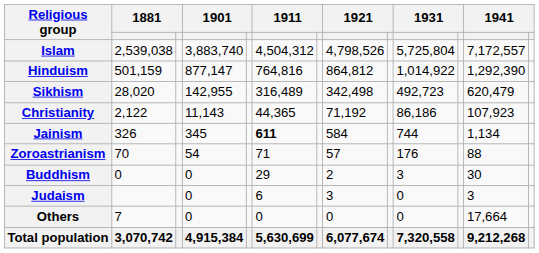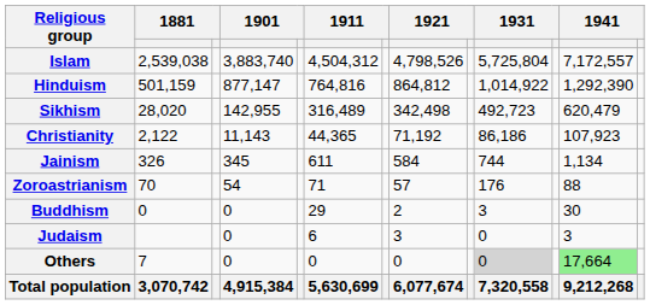 <table class="wikitable collapsible sortable">
 <tr>
 <th rowspan="2"><a href='#'>Religious</a><br>group</th>
 <th colspan="2">1881</th>
 <th colspan="2">1901</th>
 <th colspan="2">1911</th>
 <th colspan="2">1921</th>
 <th colspan="2">1931</th>
 <th colspan="2">1941</th>
 </tr>
 <tr>
 <th><a href='#'></a></th>
 <th></th>
 <th></th>
 <th></th>
 <th></th>
 <th></th>
 <th></th>
 <th></th>
 <th></th>
 <th></th>
 <th></th>
 <th></th>
 </tr>
 <tr>
 <th><a href='#'>Islam</a> </th>
 <td>2,539,038</td>
 <td></td>
 <td>3,883,740</td>
 <td></td>
 <td>4,504,312</td>
 <td></td>
 <td>4,798,526</td>
 <td></td>
 <td>5,725,804</td>
 <td></td>
 <td>7,172,557</td>
 <td></td>
 </tr>
 <tr>
 <th><a href='#'>Hinduism</a> </th>
 <td>501,159</td>
 <td></td>
 <td>877,147</td>
 <td></td>
 <td>764,816</td>
 <td></td>
 <td>864,812</td>
 <td></td>
 <td>1,014,922</td>
 <td></td>
 <td>1,292,390</td>
 <td></td>
 </tr>
 <tr>
 <th><a href='#'>Sikhism</a> </th>
 <td>28,020</td>
 <td></td>
 <td>142,955</td>
 <td></td>
 <td>316,489</td>
 <td></td>
 <td>342,498</td>
 <td></td>
 <td>492,723</td>
 <td></td>
 <td>620,479</td>
 <td></td>
 </tr>
 <tr>
 <th><a href='#'>Christianity</a> </th>
 <td>2,122</td>
 <td></td>
 <td>11,143</td>
 <td></td>
 <td>44,365</td>
 <td></td>
 <td>71,192</td>
 <td></td>
 <td>86,186</td>
 <td></td>
 <td>107,923</td>
 <td></td>
 </tr>
 <tr>
 <th><a href='#'>Jainism</a> </th>
 <td>326</td>
 <td></td>
 <td>345</td>
 <td></td>
-<td><strong>611</strong></td>
+<td>611</td>
 <td></td>
 <td>584</td>
 <td></td>
 <td>744</td>
 <td></td>
 <td>1,134</td>
 <td></td>
 </tr>
 <tr>
 <th><a href='#'>Zoroastrianism</a> </th>
 <td>70</td>
 <td></td>
 <td>54</td>
 <td></td>
 <td>71</td>
 <td></td>
 <td>57</td>
 <td></td>
 <td>176</td>
 <td></td>
 <td>88</td>
 <td></td>
 </tr>
 <tr>
 <th><a href='#'>Buddhism</a> </th>
 <td>0</td>
 <td></td>
 <td>0</td>
 <td></td>
 <td>29</td>
 <td></td>
 <td>2</td>
 <td></td>
 <td>3</td>
 <td></td>
 <td>30</td>
 <td></td>
 </tr>
 <tr>
 <th><a href='#'>Judaism</a> </th>
 <td></td>
 <td></td>
 <td>0</td>
 <td></td>
 <td>6</td>
 <td></td>
 <td>3</td>
 <td></td>
 <td>0</td>
 <td></td>
 <td>3</td>
 <td></td>
 </tr>
 <tr>
 <th>Others</th>
 <td>7</td>
 <td></td>
 <td>0</td>
 <td></td>
 <td>0</td>
 <td></td>
 <td>0</td>
 <td></td>
-<td>0</td>
+<td style="background: lightgrey;">0</td>
 <td></td>
-<td>17,664</td>
+<td style="background: lightgreen;">17,664</td>
 <td></td>
 </tr>
 <tr>
 <th>Total population</th>
 <th>3,070,742</th>
 <th></th>
 <th>4,915,384</th>
 <th></th>
 <th>5,630,699</th>
 <th></th>
 <th>6,077,674</th>
 <th></th>
 <th>7,320,558</th>
 <th></th>
 <th>9,212,268</th>
 <th></th>
 </tr>
 </table>
